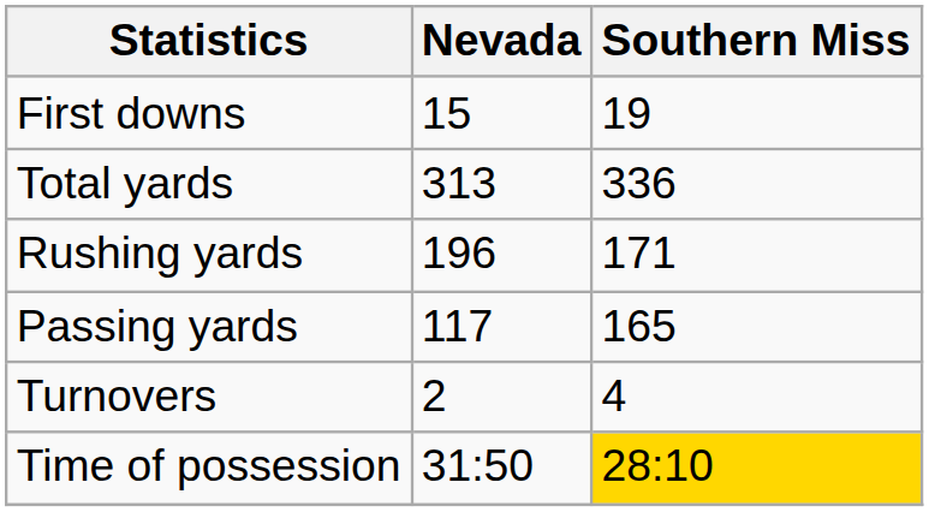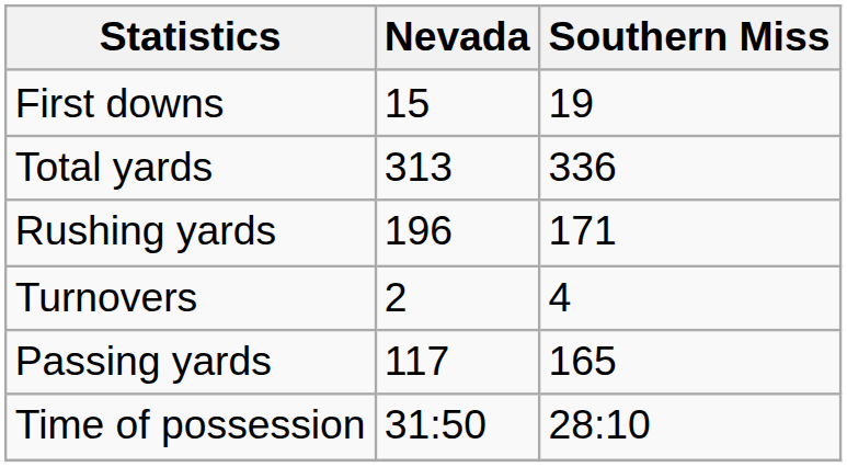 <table class="wikitable">
 <tr>
 <th>Statistics</th>
 <th>Nevada</th>
 <th>Southern Miss</th>
 </tr>
 <tr>
 <td>First downs</td>
 <td>15</td>
 <td>19</td>
 </tr>
 <tr>
 <td>Total yards</td>
 <td>313</td>
 <td>336</td>
 </tr>
 <tr>
 <td>Rushing yards</td>
 <td>196</td>
 <td>171</td>
 </tr>
 <tr>
+<td>Turnovers</td>
+<td>2</td>
+<td>4</td>
+</tr>
+<tr>
 <td>Passing yards</td>
 <td>117</td>
 <td>165</td>
 </tr>
 <tr>
-<td>Turnovers</td>
-<td>2</td>
-<td>4</td>
-</tr>
-<tr>
 <td>Time of possession</td>
 <td>31:50</td>
-<td style="background: gold;">28:10</td>
+<td>28:10</td>
 </tr>
 <tr>
 </tr>
 </table>
